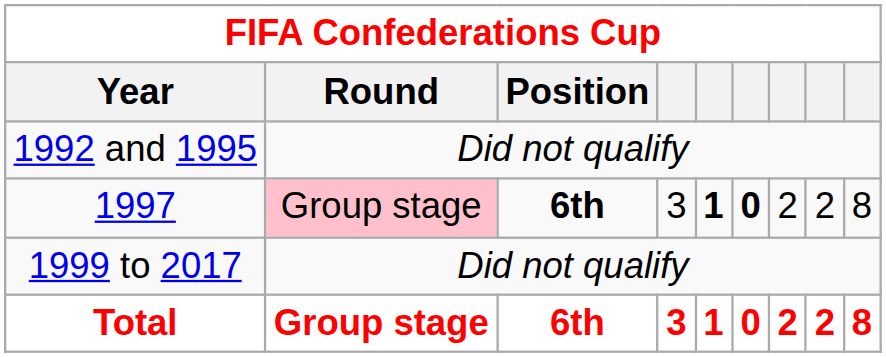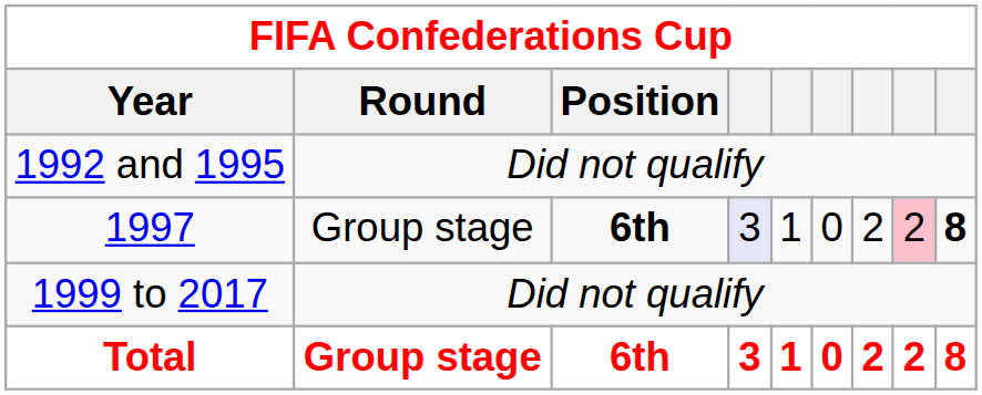 <table class="wikitable" style="text-align: center;">
 <tr style="color:red;">
 <th colspan="9" style="background:#ffffff;">FIFA Confederations Cup</th>
 </tr>
 <tr>
 <th>Year</th>
 <th>Round</th>
 <th>Position</th>
 <th></th>
 <th></th>
 <th></th>
 <th></th>
 <th></th>
 <th></th>
 </tr>
 <tr>
 <td> <a href='#'>1992</a> and  <a href='#'>1995</a></td>
 <td colspan="8"><em>Did not qualify</em></td>
 </tr>
 <tr>
 <td> <a href='#'>1997</a></td>
-<td style="background: pink;">Group stage</td>
+<td>Group stage</td>
 <td><strong>6th</strong></td>
-<td>3</td>
-<td><strong>1</strong></td>
-<td><strong>0</strong></td>
+<td style="background: lavender;">3</td>
+<td>1</td>
+<td>0</td>
 <td>2</td>
-<td>2</td>
-<td>8</td>
+<td style="background: pink;">2</td>
+<td><strong>8</strong></td>
 </tr>
 <tr>
 <td> <a href='#'>1999</a> to  <a href='#'>2017</a></td>
 <td colspan="8"><em>Did not qualify</em></td>
 </tr>
 <tr style="color:red;">
 <th style="background:#ffffff;"><strong>Total</strong></th>
 <th style="background:#ffffff;"><strong>Group stage</strong></th>
 <th style="background:#ffffff;">6th</th>
 <th style="background:#ffffff;"><strong>3</strong></th>
 <th style="background:#ffffff;"><strong>1</strong></th>
 <th style="background:#ffffff;"><strong>0</strong></th>
 <th style="background:#ffffff;"><strong>2</strong></th>
 <th style="background:#ffffff;"><strong>2</strong></th>
 <th style="background:#ffffff;"><strong>8</strong></th>
 </tr>
 </table>
